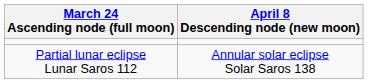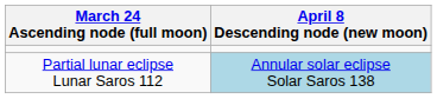 <table class="wikitable">
 <tr>
 <th><a href='#'>March 24</a><br>Ascending node (full moon)</th>
 <th><a href='#'>April 8</a><br>Descending node (new moon)<br></th>
 </tr>
 <tr>
 <td></td>
 <td></td>
 </tr>
 <tr align=center>
 <td><a href='#'>Partial lunar eclipse</a><br>Lunar Saros 112</td>
-<td><a href='#'>Annular solar eclipse</a><br>Solar Saros 138</td>
+<td style="background: lightblue;"><a href='#'>Annular solar eclipse</a><br>Solar Saros 138</td>
 </tr>
 </table>
